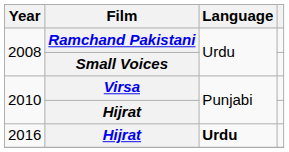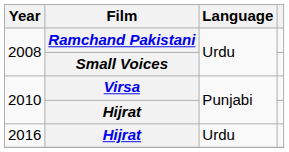 <table class="wikitable sortable plainrowheaders">
 <tr style="text-align:center;">
 <th scope="col">Year</th>
 <th scope="col">Film</th>
 <th scope="col">Language</th>
 <th></th>
 </tr>
 <tr>
 <td rowspan="2">2008</td>
 <th scope="row"><em><a href='#'>Ramchand Pakistani</a></em></th>
 <td rowspan="2">Urdu</td>
 <td></td>
 </tr>
 <tr>
 <th scope="row"><em>Small Voices</em></th>
 <td></td>
 </tr>
 <tr>
 <td rowspan="2">2010</td>
 <th scope="row"><em><a href='#'>Virsa</a></em></th>
 <td rowspan="2">Punjabi</td>
 <td></td>
 </tr>
 <tr>
 <th scope="row"><em>Hijrat</em></th>
 <td></td>
 </tr>
 <tr>
 <td>2016</td>
 <th scope="row"><em><a href='#'>Hijrat</a></em></th>
-<td><strong>Urdu</strong></td>
+<td>Urdu</td>
 <td></td>
 </tr>
 <tr>
 </tr>
 </table>
